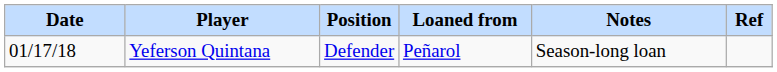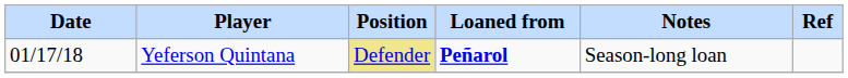 <table class="wikitable" style="text-align:left; font-size:95%;">
 <tr>
 <th style="background:#c2ddff; width:90px;">Date</th>
 <th style="background:#c2ddff; width:150px;">Player</th>
 <th style="background:#c2ddff; width:50px;">Position</th>
 <th style="background:#c2ddff; width:100px;">Loaned from</th>
 <th style="background:#c2ddff; width:150px;">Notes</th>
 <th style="background:#c2ddff; width:30px;">Ref</th>
 </tr>
 <tr>
 <td>01/17/18</td>
 <td> <a href='#'>Yeferson Quintana</a></td>
-<td><a href='#'>Defender</a></td>
-<td> <a href='#'>Peñarol</a></td>
+<td style="background: khaki;"><a href='#'>Defender</a></td>
+<td><strong> <a href='#'>Peñarol</a></strong></td>
 <td>Season-long loan</td>
 <td></td>
 </tr>
 <tr>
 </tr>
 </table>
